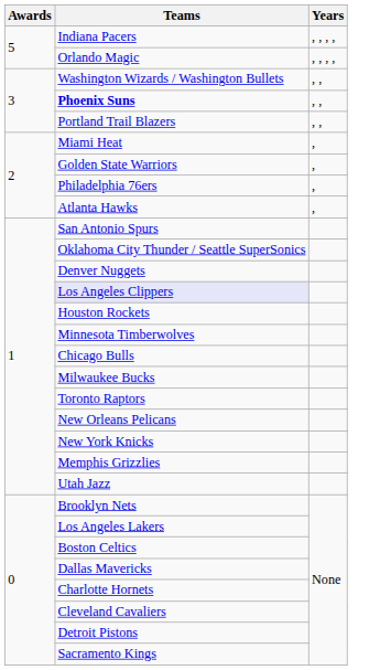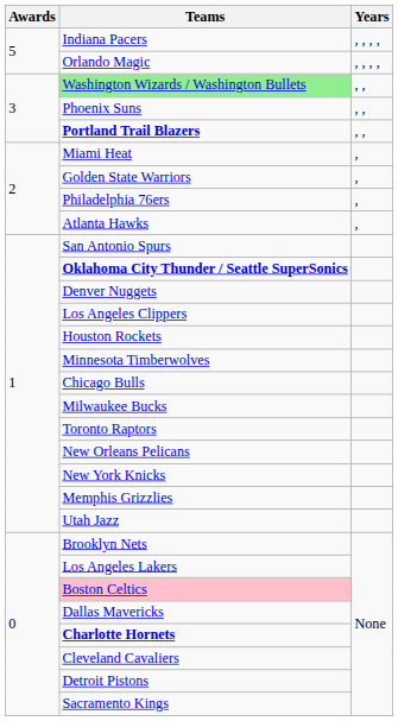 <table class="wikitable">
 <tr>
 <th>Awards</th>
 <th>Teams</th>
 <th>Years</th>
 </tr>
 <tr>
 <td rowspan="2">5</td>
 <td><a href='#'>Indiana Pacers</a></td>
 <td>, , , , </td>
 </tr>
 <tr>
 <td><a href='#'>Orlando Magic</a></td>
 <td>, , , , </td>
 </tr>
 <tr>
 <td rowspan=3>3</td>
-<td><a href='#'>Washington Wizards / Washington Bullets</a></td>
+<td style="background: lightgreen;"><a href='#'>Washington Wizards / Washington Bullets</a></td>
 <td>, , </td>
 </tr>
 <tr>
-<td><strong><a href='#'>Phoenix Suns</a></strong></td>
+<td><a href='#'>Phoenix Suns</a></td>
 <td>, , </td>
 </tr>
 <tr>
-<td><a href='#'>Portland Trail Blazers</a></td>
+<td><strong><a href='#'>Portland Trail Blazers</a></strong></td>
 <td>, , </td>
 </tr>
 <tr>
 <td rowspan=4>2</td>
 <td><a href='#'>Miami Heat</a></td>
 <td>, </td>
 </tr>
 <tr>
 <td><a href='#'>Golden State Warriors</a></td>
 <td>, </td>
 </tr>
 <tr>
 <td><a href='#'>Philadelphia 76ers</a></td>
 <td>, </td>
 </tr>
 <tr>
 <td><a href='#'>Atlanta Hawks</a></td>
 <td>, </td>
 </tr>
 <tr>
 <td rowspan=13>1</td>
 <td><a href='#'>San Antonio Spurs</a></td>
 <td></td>
 </tr>
 <tr>
-<td><a href='#'>Oklahoma City Thunder / Seattle SuperSonics</a></td>
+<td><strong><a href='#'>Oklahoma City Thunder / Seattle SuperSonics</a></strong></td>
 <td></td>
 </tr>
 <tr>
 <td><a href='#'>Denver Nuggets</a></td>
 <td></td>
 </tr>
 <tr>
-<td style="background: lavender;"><a href='#'>Los Angeles Clippers</a></td>
+<td><a href='#'>Los Angeles Clippers</a></td>
 <td></td>
 </tr>
 <tr>
 <td><a href='#'>Houston Rockets</a></td>
 <td></td>
 </tr>
 <tr>
 <td><a href='#'>Minnesota Timberwolves</a></td>
 <td></td>
 </tr>
 <tr>
 <td><a href='#'>Chicago Bulls</a></td>
 <td></td>
 </tr>
 <tr>
 <td><a href='#'>Milwaukee Bucks</a></td>
 <td></td>
 </tr>
 <tr>
 <td><a href='#'>Toronto Raptors</a></td>
 <td></td>
 </tr>
 <tr>
 <td><a href='#'>New Orleans Pelicans</a></td>
 <td></td>
 </tr>
 <tr>
 <td><a href='#'>New York Knicks</a></td>
 <td></td>
 </tr>
 <tr>
 <td><a href='#'>Memphis Grizzlies</a></td>
 <td></td>
 </tr>
 <tr>
 <td><a href='#'>Utah Jazz</a></td>
 <td></td>
 </tr>
 <tr>
 <td rowspan="8">0</td>
 <td><a href='#'>Brooklyn Nets</a></td>
 <td rowspan="8">None</td>
 </tr>
 <tr>
 <td><a href='#'>Los Angeles Lakers</a></td>
 </tr>
 <tr>
-<td><a href='#'>Boston Celtics</a></td>
+<td style="background: pink;"><a href='#'>Boston Celtics</a></td>
 </tr>
 <tr>
 <td><a href='#'>Dallas Mavericks</a></td>
 </tr>
 <tr>
-<td><a href='#'>Charlotte Hornets</a></td>
+<td><strong><a href='#'>Charlotte Hornets</a></strong></td>
 </tr>
 <tr>
 <td><a href='#'>Cleveland Cavaliers</a></td>
 </tr>
 <tr>
 <td><a href='#'>Detroit Pistons</a></td>
 </tr>
 <tr>
 <td><a href='#'>Sacramento Kings</a></td>
 </tr>
 </table>
